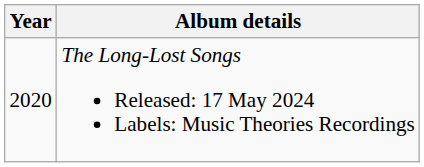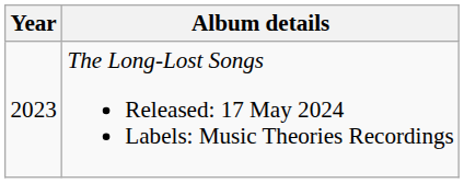 <table class="wikitable">
 <tr>
 <th>Year</th>
 <th>Album details</th>
 </tr>
 <tr>
-<td>2020</td>
+<td>2023</td>
 <td><em>The Long-Lost Songs</em><br><ul><li>Released: 17 May 2024</li><li>Labels: Music Theories Recordings</li></ul></td>
 </tr>
 </table>
